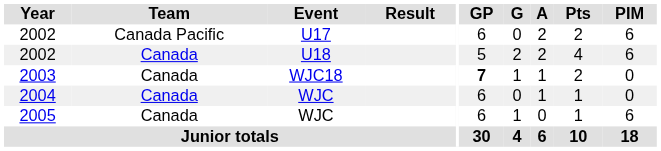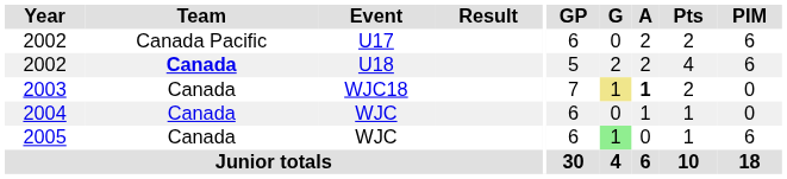 <table border="0" cellpadding="1" cellspacing="0" ID="Table3" style="text-align:center; width:40em">
 <tr ALIGN="center" bgcolor="#e0e0e0">
 <th>Year</th>
 <th>Team</th>
 <th>Event</th>
 <th>Result</th>
 <th rowspan="99" bgcolor="#ffffff"></th>
 <th>GP</th>
 <th>G</th>
 <th>A</th>
 <th>Pts</th>
 <th>PIM</th>
 </tr>
 <tr>
 <td>2002</td>
 <td>Canada Pacific</td>
 <td><a href='#'>U17</a></td>
 <td></td>
 <td>6</td>
 <td>0</td>
 <td>2</td>
 <td>2</td>
 <td>6</td>
 </tr>
 <tr bgcolor="#f0f0f0">
 <td>2002</td>
-<td><a href='#'>Canada</a></td>
+<td><strong><a href='#'>Canada</a></strong></td>
 <td><a href='#'>U18</a></td>
 <td></td>
 <td>5</td>
 <td>2</td>
 <td>2</td>
 <td>4</td>
 <td>6</td>
 </tr>
 <tr>
 <td><a href='#'>2003</a></td>
 <td>Canada</td>
 <td><a href='#'>WJC18</a></td>
 <td></td>
-<td><strong>7</strong></td>
-<td>1</td>
-<td>1</td>
+<td>7</td>
+<td style="background: khaki;">1</td>
+<td><strong>1</strong></td>
 <td>2</td>
 <td>0</td>
 </tr>
 <tr bgcolor="#f0f0f0">
 <td><a href='#'>2004</a></td>
 <td><a href='#'>Canada</a></td>
 <td><a href='#'>WJC</a></td>
 <td></td>
 <td>6</td>
 <td>0</td>
 <td>1</td>
 <td>1</td>
 <td>0</td>
 </tr>
 <tr>
 <td><a href='#'>2005</a></td>
 <td>Canada</td>
 <td>WJC</td>
 <td></td>
 <td>6</td>
-<td>1</td>
+<td style="background: lightgreen;">1</td>
 <td>0</td>
 <td>1</td>
 <td>6</td>
 </tr>
 <tr bgcolor="#e0e0e0">
 <th colspan="4">Junior totals</th>
 <th>30</th>
 <th>4</th>
 <th>6</th>
 <th>10</th>
 <th>18</th>
 </tr>
 </table>
